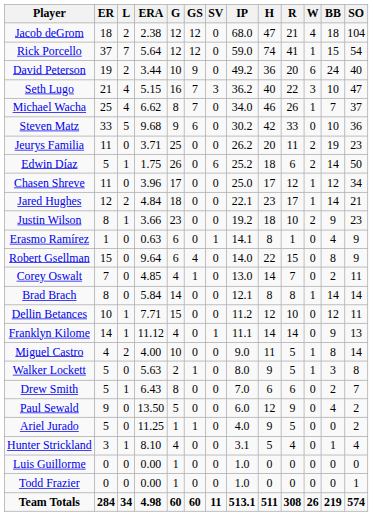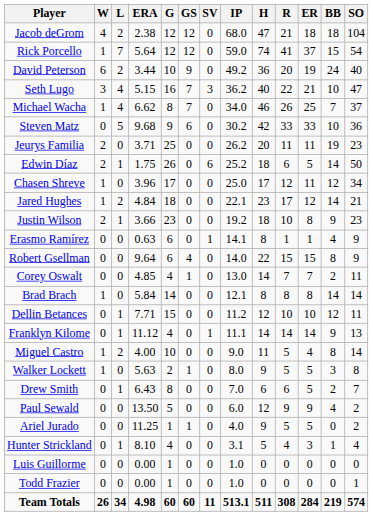 <table class=wikitable style="text-align:center">
 <tr>
 <th>Player</th>
-<th>ER</th>
+<th>W</th>
 <th>L</th>
 <th>ERA</th>
 <th>G</th>
 <th>GS</th>
 <th>SV</th>
 <th>IP</th>
 <th>H</th>
 <th>R</th>
-<th>W</th>
+<th>ER</th>
 <th>BB</th>
 <th>SO</th>
 </tr>
 <tr>
 <td><a href='#'>Jacob deGrom</a></td>
-<td>18</td>
+<td>4</td>
 <td>2</td>
 <td>2.38</td>
 <td>12</td>
 <td>12</td>
 <td>0</td>
 <td>68.0</td>
 <td>47</td>
 <td>21</td>
-<td>4</td>
+<td>18</td>
 <td>18</td>
 <td>104</td>
 </tr>
 <tr>
 <td><a href='#'>Rick Porcello</a></td>
-<td>37</td>
+<td>1</td>
 <td>7</td>
 <td>5.64</td>
 <td>12</td>
 <td>12</td>
 <td>0</td>
 <td>59.0</td>
 <td>74</td>
 <td>41</td>
-<td>1</td>
+<td>37</td>
 <td>15</td>
 <td>54</td>
 </tr>
 <tr>
 <td><a href='#'>David Peterson</a></td>
-<td>19</td>
+<td>6</td>
 <td>2</td>
 <td>3.44</td>
 <td>10</td>
 <td>9</td>
 <td>0</td>
 <td>49.2</td>
 <td>36</td>
 <td>20</td>
-<td>6</td>
+<td>19</td>
 <td>24</td>
 <td>40</td>
 </tr>
 <tr>
 <td><a href='#'>Seth Lugo</a></td>
-<td>21</td>
+<td>3</td>
 <td>4</td>
 <td>5.15</td>
 <td>16</td>
 <td>7</td>
 <td>3</td>
 <td>36.2</td>
 <td>40</td>
 <td>22</td>
-<td>3</td>
+<td>21</td>
 <td>10</td>
 <td>47</td>
 </tr>
 <tr>
 <td><a href='#'>Michael Wacha</a></td>
-<td>25</td>
+<td>1</td>
 <td>4</td>
 <td>6.62</td>
 <td>8</td>
 <td>7</td>
 <td>0</td>
 <td>34.0</td>
 <td>46</td>
 <td>26</td>
-<td>1</td>
+<td>25</td>
 <td>7</td>
 <td>37</td>
 </tr>
 <tr>
 <td><a href='#'>Steven Matz</a></td>
-<td>33</td>
+<td>0</td>
 <td>5</td>
 <td>9.68</td>
 <td>9</td>
 <td>6</td>
 <td>0</td>
 <td>30.2</td>
 <td>42</td>
 <td>33</td>
-<td>0</td>
+<td>33</td>
 <td>10</td>
 <td>36</td>
 </tr>
 <tr>
 <td><a href='#'>Jeurys Familia</a></td>
-<td>11</td>
+<td>2</td>
 <td>0</td>
 <td>3.71</td>
 <td>25</td>
 <td>0</td>
 <td>0</td>
 <td>26.2</td>
 <td>20</td>
 <td>11</td>
-<td>2</td>
+<td>11</td>
 <td>19</td>
 <td>23</td>
 </tr>
 <tr>
 <td><a href='#'>Edwin Díaz</a></td>
-<td>5</td>
+<td>2</td>
 <td>1</td>
 <td>1.75</td>
 <td>26</td>
 <td>0</td>
 <td>6</td>
 <td>25.2</td>
 <td>18</td>
 <td>6</td>
-<td>2</td>
+<td>5</td>
 <td>14</td>
 <td>50</td>
 </tr>
 <tr>
 <td><a href='#'>Chasen Shreve</a></td>
-<td>11</td>
+<td>1</td>
 <td>0</td>
 <td>3.96</td>
 <td>17</td>
 <td>0</td>
 <td>0</td>
 <td>25.0</td>
 <td>17</td>
 <td>12</td>
-<td>1</td>
+<td>11</td>
 <td>12</td>
 <td>34</td>
 </tr>
 <tr>
 <td><a href='#'>Jared Hughes</a></td>
-<td>12</td>
+<td>1</td>
 <td>2</td>
 <td>4.84</td>
 <td>18</td>
 <td>0</td>
 <td>0</td>
 <td>22.1</td>
 <td>23</td>
 <td>17</td>
-<td>1</td>
+<td>12</td>
 <td>14</td>
 <td>21</td>
 </tr>
 <tr>
 <td><a href='#'>Justin Wilson</a></td>
-<td>8</td>
+<td>2</td>
 <td>1</td>
 <td>3.66</td>
 <td>23</td>
 <td>0</td>
 <td>0</td>
 <td>19.2</td>
 <td>18</td>
 <td>10</td>
-<td>2</td>
+<td>8</td>
 <td>9</td>
 <td>23</td>
 </tr>
 <tr>
 <td><a href='#'>Erasmo Ramírez</a></td>
-<td>1</td>
+<td>0</td>
 <td>0</td>
 <td>0.63</td>
 <td>6</td>
 <td>0</td>
 <td>1</td>
 <td>14.1</td>
 <td>8</td>
 <td>1</td>
-<td>0</td>
+<td>1</td>
 <td>4</td>
 <td>9</td>
 </tr>
 <tr>
 <td><a href='#'>Robert Gsellman</a></td>
-<td>15</td>
+<td>0</td>
 <td>0</td>
 <td>9.64</td>
 <td>6</td>
 <td>4</td>
 <td>0</td>
 <td>14.0</td>
 <td>22</td>
 <td>15</td>
-<td>0</td>
+<td>15</td>
 <td>8</td>
 <td>9</td>
 </tr>
 <tr>
 <td><a href='#'>Corey Oswalt</a></td>
-<td>7</td>
+<td>0</td>
 <td>0</td>
 <td>4.85</td>
 <td>4</td>
 <td>1</td>
 <td>0</td>
 <td>13.0</td>
 <td>14</td>
 <td>7</td>
-<td>0</td>
+<td>7</td>
 <td>2</td>
 <td>11</td>
 </tr>
 <tr>
 <td><a href='#'>Brad Brach</a></td>
-<td>8</td>
+<td>1</td>
 <td>0</td>
 <td>5.84</td>
 <td>14</td>
 <td>0</td>
 <td>0</td>
 <td>12.1</td>
 <td>8</td>
 <td>8</td>
-<td>1</td>
+<td>8</td>
 <td>14</td>
 <td>14</td>
 </tr>
 <tr>
 <td><a href='#'>Dellin Betances</a></td>
-<td>10</td>
+<td>0</td>
 <td>1</td>
 <td>7.71</td>
 <td>15</td>
 <td>0</td>
 <td>0</td>
 <td>11.2</td>
 <td>12</td>
 <td>10</td>
-<td>0</td>
+<td>10</td>
 <td>12</td>
 <td>11</td>
 </tr>
 <tr>
 <td><a href='#'>Franklyn Kilome</a></td>
-<td>14</td>
+<td>0</td>
 <td>1</td>
 <td>11.12</td>
 <td>4</td>
 <td>0</td>
 <td>1</td>
 <td>11.1</td>
 <td>14</td>
 <td>14</td>
-<td>0</td>
+<td>14</td>
 <td>9</td>
 <td>13</td>
 </tr>
 <tr>
 <td><a href='#'>Miguel Castro</a></td>
-<td>4</td>
+<td>1</td>
 <td>2</td>
 <td>4.00</td>
 <td>10</td>
 <td>0</td>
 <td>0</td>
 <td>9.0</td>
 <td>11</td>
 <td>5</td>
-<td>1</td>
+<td>4</td>
 <td>8</td>
 <td>14</td>
 </tr>
 <tr>
 <td><a href='#'>Walker Lockett</a></td>
-<td>5</td>
+<td>1</td>
 <td>0</td>
 <td>5.63</td>
 <td>2</td>
 <td>1</td>
 <td>0</td>
 <td>8.0</td>
 <td>9</td>
 <td>5</td>
-<td>1</td>
+<td>5</td>
 <td>3</td>
 <td>8</td>
 </tr>
 <tr>
 <td><a href='#'>Drew Smith</a></td>
-<td>5</td>
+<td>0</td>
 <td>1</td>
 <td>6.43</td>
 <td>8</td>
 <td>0</td>
 <td>0</td>
 <td>7.0</td>
 <td>6</td>
 <td>6</td>
-<td>0</td>
+<td>5</td>
 <td>2</td>
 <td>7</td>
 </tr>
 <tr>
 <td><a href='#'>Paul Sewald</a></td>
-<td>9</td>
+<td>0</td>
 <td>0</td>
 <td>13.50</td>
 <td>5</td>
 <td>0</td>
 <td>0</td>
 <td>6.0</td>
 <td>12</td>
 <td>9</td>
-<td>0</td>
+<td>9</td>
 <td>4</td>
 <td>2</td>
 </tr>
 <tr>
 <td><a href='#'>Ariel Jurado</a></td>
-<td>5</td>
+<td>0</td>
 <td>0</td>
 <td>11.25</td>
 <td>1</td>
 <td>1</td>
 <td>0</td>
 <td>4.0</td>
 <td>9</td>
 <td>5</td>
-<td>0</td>
+<td>5</td>
 <td>0</td>
 <td>2</td>
 </tr>
 <tr>
 <td><a href='#'>Hunter Strickland</a></td>
-<td>3</td>
+<td>0</td>
 <td>1</td>
 <td>8.10</td>
 <td>4</td>
 <td>0</td>
 <td>0</td>
 <td>3.1</td>
 <td>5</td>
 <td>4</td>
-<td>0</td>
+<td>3</td>
 <td>1</td>
 <td>4</td>
 </tr>
 <tr>
 <td><a href='#'>Luis Guillorme</a></td>
 <td>0</td>
 <td>0</td>
 <td>0.00</td>
 <td>1</td>
 <td>0</td>
 <td>0</td>
 <td>1.0</td>
 <td>0</td>
 <td>0</td>
 <td>0</td>
 <td>0</td>
 <td>0</td>
 </tr>
 <tr>
 <td><a href='#'>Todd Frazier</a></td>
 <td>0</td>
 <td>0</td>
 <td>0.00</td>
 <td>1</td>
 <td>0</td>
 <td>0</td>
 <td>1.0</td>
 <td>0</td>
 <td>0</td>
 <td>0</td>
 <td>0</td>
 <td>1</td>
 </tr>
 <tr>
 <td><strong>Team Totals</strong></td>
-<td><strong>284</strong></td>
+<td><strong>26</strong></td>
 <td><strong>34</strong></td>
 <td><strong>4.98</strong></td>
 <td><strong>60</strong></td>
 <td><strong>60</strong></td>
 <td><strong>11</strong></td>
 <td><strong>513.1</strong></td>
 <td><strong>511</strong></td>
 <td><strong>308</strong></td>
-<td><strong>26</strong></td>
+<td><strong>284</strong></td>
 <td><strong>219</strong></td>
 <td><strong>574</strong></td>
 </tr>
 </table>
